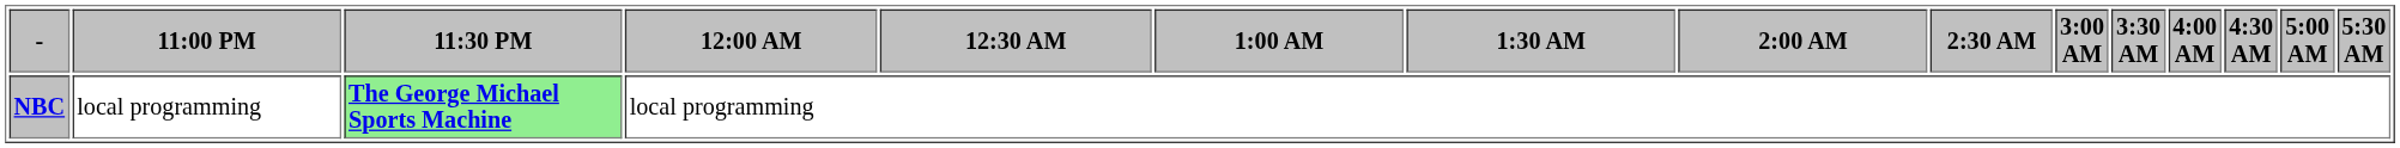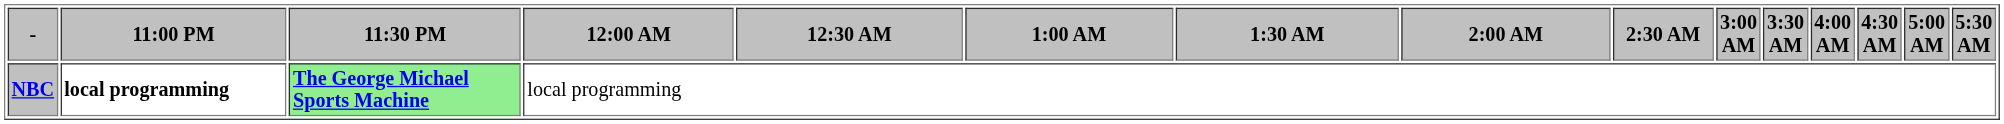 <table border="1" cellpadding="2">
 <tr>
 <th bgcolor="#C0C0C0">-</th>
 <th width="13%" bgcolor="#C0C0C0">11:00 PM</th>
 <th width="14%" bgcolor="#C0C0C0">11:30 PM</th>
 <th width="13%" bgcolor="#C0C0C0">12:00 AM</th>
 <th width="14%" bgcolor="#C0C0C0">12:30 AM</th>
 <th width="13%" bgcolor="#C0C0C0">1:00 AM</th>
 <th width="14%" bgcolor="#C0C0C0">1:30 AM</th>
 <th width="13%" bgcolor="#C0C0C0">2:00 AM</th>
 <th width="14%" bgcolor="#C0C0C0">2:30 AM</th>
 <th width="13%" bgcolor="#C0C0C0">3:00 AM</th>
 <th width="14%" bgcolor="#C0C0C0">3:30 AM</th>
 <th width="13%" bgcolor="#C0C0C0">4:00 AM</th>
 <th width="14%" bgcolor="#C0C0C0">4:30 AM</th>
 <th width="13%" bgcolor="#C0C0C0">5:00 AM</th>
 <th width="14%" bgcolor="#C0C0C0">5:30 AM</th>
 </tr>
 <tr>
 <th bgcolor="#C0C0C0"><a href='#'>NBC</a></th>
-<td bgcolor="white">local programming</td>
+<td bgcolor="white"><strong>local programming</strong></td>
 <td bgcolor="lightgreen" colspan="1"><strong><a href='#'>The George Michael Sports Machine</a></strong></td>
 <td bgcolor="white" colspan="12">local programming</td>
 </tr>
 </table>
